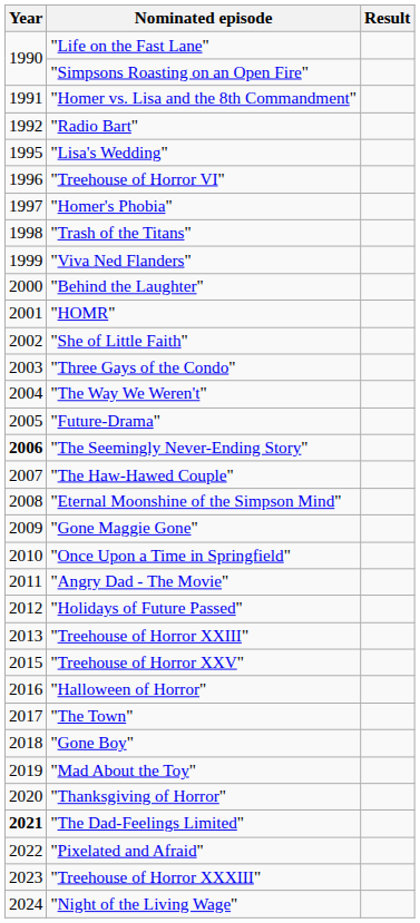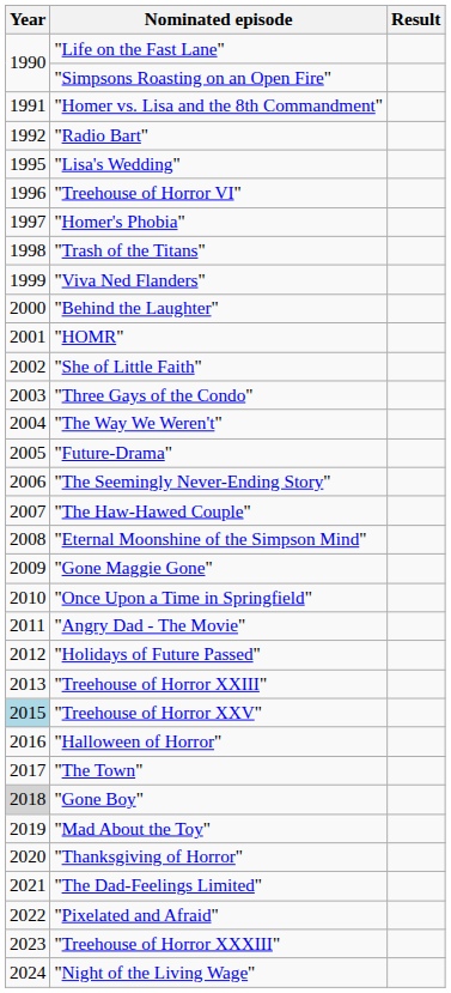 <table class="wikitable">
 <tr>
 <th>Year</th>
 <th>Nominated episode</th>
 <th>Result</th>
 </tr>
 <tr>
 <td rowspan="2">1990</td>
 <td>"<a href='#'>Life on the Fast Lane</a>"</td>
 <td></td>
 </tr>
 <tr>
 <td>"<a href='#'>Simpsons Roasting on an Open Fire</a>"</td>
 <td></td>
 </tr>
 <tr>
 <td>1991</td>
 <td>"<a href='#'>Homer vs. Lisa and the 8th Commandment</a>"</td>
 <td></td>
 </tr>
 <tr>
 <td>1992</td>
 <td>"<a href='#'>Radio Bart</a>"</td>
 <td></td>
 </tr>
 <tr>
 <td>1995</td>
 <td>"<a href='#'>Lisa's Wedding</a>"</td>
 <td></td>
 </tr>
 <tr>
 <td>1996</td>
 <td>"<a href='#'>Treehouse of Horror VI</a>"</td>
 <td></td>
 </tr>
 <tr>
 <td>1997</td>
 <td>"<a href='#'>Homer's Phobia</a>"</td>
 <td></td>
 </tr>
 <tr>
 <td>1998</td>
 <td>"<a href='#'>Trash of the Titans</a>"</td>
 <td></td>
 </tr>
 <tr>
 <td>1999</td>
 <td>"<a href='#'>Viva Ned Flanders</a>"</td>
 <td></td>
 </tr>
 <tr>
 <td>2000</td>
 <td>"<a href='#'>Behind the Laughter</a>"</td>
 <td></td>
 </tr>
 <tr>
 <td>2001</td>
 <td>"<a href='#'>HOMR</a>"</td>
 <td></td>
 </tr>
 <tr>
 <td>2002</td>
 <td>"<a href='#'>She of Little Faith</a>"</td>
 <td></td>
 </tr>
 <tr>
 <td>2003</td>
 <td>"<a href='#'>Three Gays of the Condo</a>"</td>
 <td></td>
 </tr>
 <tr>
 <td>2004</td>
 <td>"<a href='#'>The Way We Weren't</a>"</td>
 <td></td>
 </tr>
 <tr>
 <td>2005</td>
 <td>"<a href='#'>Future-Drama</a>"</td>
 <td></td>
 </tr>
 <tr>
-<td><strong>2006</strong></td>
+<td>2006</td>
 <td>"<a href='#'>The Seemingly Never-Ending Story</a>"</td>
 <td></td>
 </tr>
 <tr>
 <td>2007</td>
 <td>"<a href='#'>The Haw-Hawed Couple</a>"</td>
 <td></td>
 </tr>
 <tr>
 <td>2008</td>
 <td>"<a href='#'>Eternal Moonshine of the Simpson Mind</a>"</td>
 <td></td>
 </tr>
 <tr>
 <td>2009</td>
 <td>"<a href='#'>Gone Maggie Gone</a>"</td>
 <td></td>
 </tr>
 <tr>
 <td>2010</td>
 <td>"<a href='#'>Once Upon a Time in Springfield</a>"</td>
 <td></td>
 </tr>
 <tr>
 <td>2011</td>
 <td>"<a href='#'>Angry Dad - The Movie</a>"</td>
 <td></td>
 </tr>
 <tr>
 <td>2012</td>
 <td>"<a href='#'>Holidays of Future Passed</a>"</td>
 <td></td>
 </tr>
 <tr>
 <td>2013</td>
 <td>"<a href='#'>Treehouse of Horror XXIII</a>"</td>
 <td></td>
 </tr>
 <tr>
-<td>2015</td>
+<td style="background: lightblue;">2015</td>
 <td>"<a href='#'>Treehouse of Horror XXV</a>"</td>
 <td></td>
 </tr>
 <tr>
 <td>2016</td>
 <td>"<a href='#'>Halloween of Horror</a>"</td>
 <td></td>
 </tr>
 <tr>
 <td>2017</td>
 <td>"<a href='#'>The Town</a>"</td>
 <td></td>
 </tr>
 <tr>
-<td>2018</td>
+<td style="background: lightgrey;">2018</td>
 <td>"<a href='#'>Gone Boy</a>"</td>
 <td></td>
 </tr>
 <tr>
 <td>2019</td>
 <td>"<a href='#'>Mad About the Toy</a>"</td>
 <td></td>
 </tr>
 <tr>
 <td>2020</td>
 <td>"<a href='#'>Thanksgiving of Horror</a>"</td>
 <td></td>
 </tr>
 <tr>
-<td><strong>2021</strong></td>
+<td>2021</td>
 <td>"<a href='#'>The Dad-Feelings Limited</a>"</td>
 <td></td>
 </tr>
 <tr>
 <td>2022</td>
 <td>"<a href='#'>Pixelated and Afraid</a>"</td>
 <td></td>
 </tr>
 <tr>
 <td>2023</td>
 <td>"<a href='#'>Treehouse of Horror XXXIII</a>"</td>
 <td></td>
 </tr>
 <tr>
 <td>2024</td>
 <td>"<a href='#'>Night of the Living Wage</a>"</td>
 <td></td>
 </tr>
 </table>
